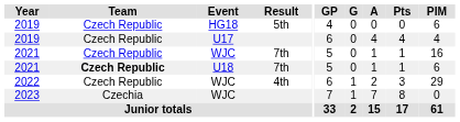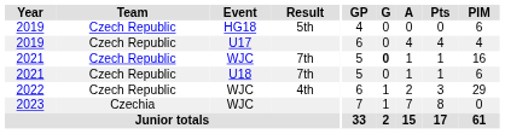 <table border="0" cellpadding="1" cellspacing="0" ID="Table3" style="text-align:center; width:40em;">
 <tr bgcolor="#e0e0e0">
 <th>Year</th>
 <th>Team</th>
 <th>Event</th>
 <th>Result</th>
 <th rowspan="100" bgcolor="#ffffff"></th>
 <th>GP</th>
 <th>G</th>
 <th>A</th>
 <th>Pts</th>
 <th>PIM</th>
 </tr>
 <tr>
 <td><a href='#'>2019</a></td>
 <td><a href='#'>Czech Republic</a></td>
 <td><a href='#'>HG18</a></td>
 <td>5th</td>
 <td>4</td>
 <td>0</td>
 <td>0</td>
 <td>0</td>
 <td>6</td>
 </tr>
 <tr bgcolor="#f0f0f0">
 <td><a href='#'>2019</a></td>
 <td>Czech Republic</td>
 <td><a href='#'>U17</a></td>
 <td></td>
 <td>6</td>
 <td>0</td>
 <td>4</td>
 <td>4</td>
 <td>4</td>
 </tr>
 <tr>
 <td><a href='#'>2021</a></td>
 <td><a href='#'>Czech Republic</a></td>
 <td><a href='#'>WJC</a></td>
 <td>7th</td>
 <td>5</td>
-<td>0</td>
+<td><strong>0</strong></td>
 <td>1</td>
 <td>1</td>
 <td>16</td>
 </tr>
 <tr bgcolor="#f0f0f0">
 <td><a href='#'>2021</a></td>
-<td><strong>Czech Republic</strong></td>
+<td>Czech Republic</td>
 <td><a href='#'>U18</a></td>
 <td>7th</td>
 <td>5</td>
 <td>0</td>
 <td>1</td>
 <td>1</td>
 <td>6</td>
 </tr>
 <tr>
 <td><a href='#'>2022</a></td>
 <td>Czech Republic</td>
 <td>WJC</td>
 <td>4th</td>
 <td>6</td>
 <td>1</td>
 <td>2</td>
 <td>3</td>
 <td>29</td>
 </tr>
 <tr bgcolor="#f0f0f0">
 <td><a href='#'>2023</a></td>
 <td>Czechia</td>
 <td>WJC</td>
 <td></td>
 <td>7</td>
 <td>1</td>
 <td>7</td>
 <td>8</td>
 <td>0</td>
 </tr>
 <tr bgcolor="#e0e0e0">
 <th colspan="4">Junior totals</th>
 <th>33</th>
 <th>2</th>
 <th>15</th>
 <th>17</th>
 <th>61</th>
 </tr>
 </table>
